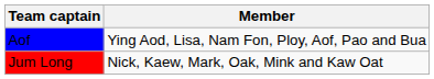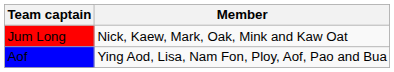 <table class="wikitable">
 <tr>
 <th>Team captain</th>
 <th>Member</th>
 </tr>
 <tr>
+<td style="background:red"><span>Jum Long</span></td>
+<td>Nick, Kaew, Mark, Oak, Mink and Kaw Oat</td>
+</tr>
+<tr>
 <td style="background:#0000FF"><span>Aof</span></td>
 <td>Ying Aod, Lisa, Nam Fon, Ploy, Aof, Pao and Bua</td>
 </tr>
-<tr>
-<td style="background:red"><span>Jum Long</span></td>
-<td>Nick, Kaew, Mark, Oak, Mink and Kaw Oat</td>
-</tr>
 </table>
